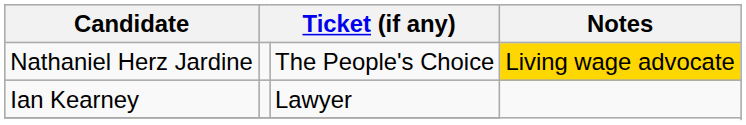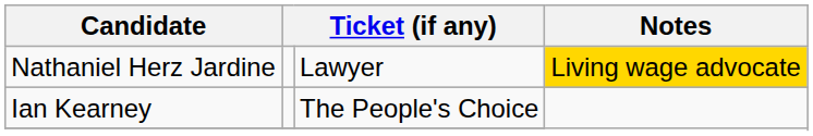 <table class="wikitable" style="font-size: 95%">
 <tr>
 <th>Candidate</th>
 <th colspan="2"><a href='#'>Ticket</a> (if any)</th>
 <th>Notes</th>
 </tr>
 <tr>
 <td>Nathaniel Herz Jardine</td>
 <td style="background-color:"></td>
-<td>The People's Choice</td>
+<td>Lawyer</td>
 <td style="background: gold;">Living wage advocate</td>
 </tr>
 <tr>
 <td>Ian Kearney</td>
 <td></td>
-<td>Lawyer</td>
+<td>The People's Choice</td>
 </tr>
 <tr>
 </tr>
 </table>
